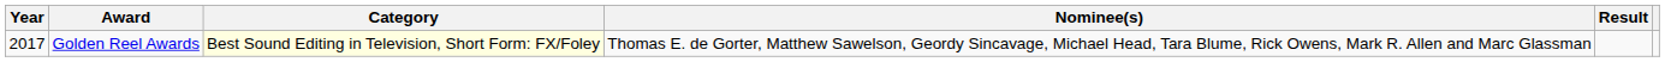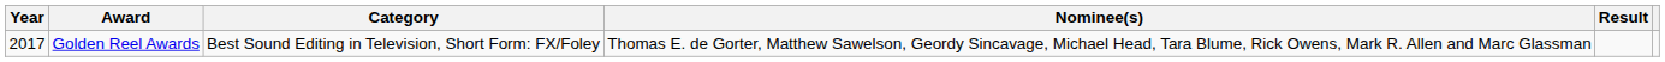 <table class="wikitable sortable plainrowheaders">
 <tr>
 <th>Year</th>
 <th>Award</th>
 <th>Category</th>
 <th>Nominee(s)</th>
 <th>Result</th>
 <th class="unsortable"></th>
 </tr>
 <tr>
 <td rowspan="2">2017</td>
 <td><a href='#'>Golden Reel Awards</a></td>
-<td scope="row" style="background: lightyellow;">Best Sound Editing in Television, Short Form: FX/Foley</td>
+<td scope="row">Best Sound Editing in Television, Short Form: FX/Foley</td>
 <td scope="row">Thomas E. de Gorter, Matthew Sawelson, Geordy Sincavage, Michael Head, Tara Blume, Rick Owens, Mark R. Allen and Marc Glassman</td>
 <td></td>
 <td></td>
 </tr>
 </table>
